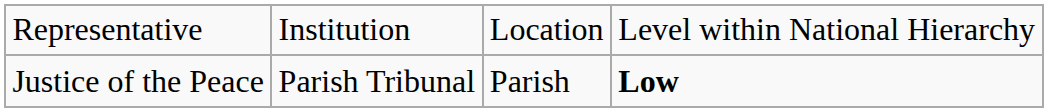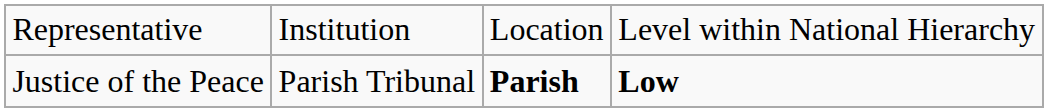 <table class="wikitable">
 <tr>
 <td>Representative</td>
 <td>Institution</td>
 <td>Location</td>
 <td>Level within National Hierarchy</td>
 </tr>
 <tr>
 <td>Justice of the Peace</td>
 <td>Parish Tribunal</td>
-<td>Parish</td>
+<td><strong>Parish</strong></td>
 <td><span><strong>Low</strong></span></td>
 </tr>
 </table>
